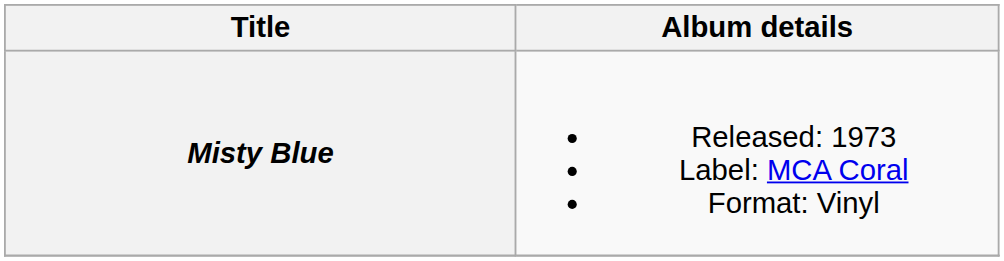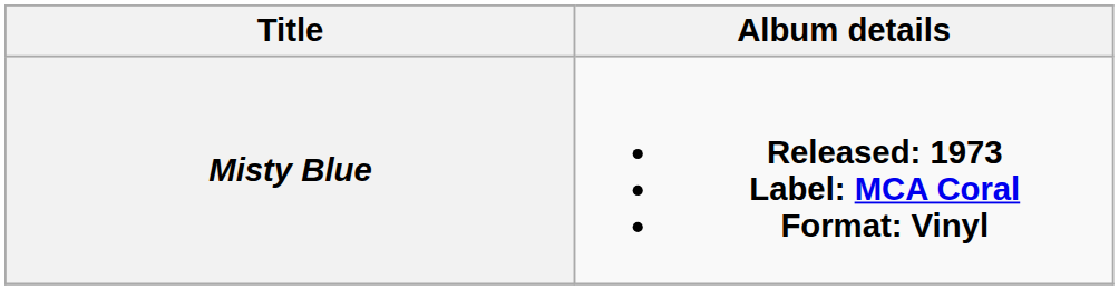 <table class="wikitable plainrowheaders" style="text-align:center;">
 <tr>
 <th scope="col" style="width:17em;">Title</th>
 <th scope="col" style="width:16em;">Album details</th>
 </tr>
 <tr>
 <th scope="row"><em>Misty Blue</em></th>
-<td><br><ul><li>Released: 1973</li><li>Label: <a href='#'>MCA Coral</a></li><li>Format: Vinyl</li></ul></td>
+<td><strong><br><ul><li>Released: 1973</li><li>Label: <a href='#'>MCA Coral</a></li><li>Format: Vinyl</li></ul></strong></td>
 </tr>
 <tr>
 </tr>
 </table>
